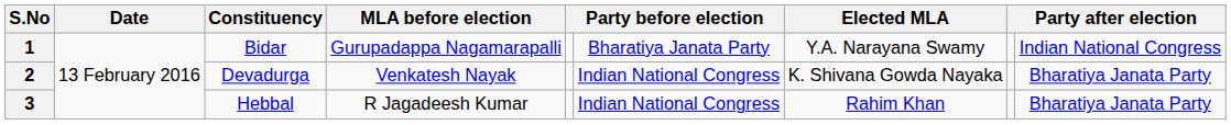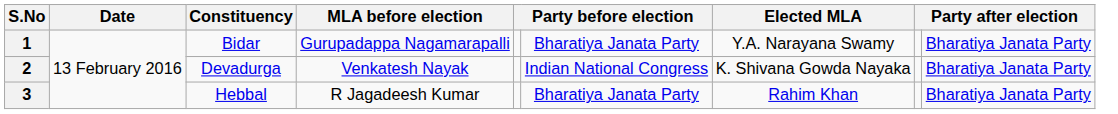 <table class="wikitable sortable" style="text-align:center;">
 <tr>
 <th>S.No</th>
 <th>Date</th>
 <th>Constituency</th>
 <th>MLA before election</th>
 <th colspan="2">Party before election</th>
 <th>Elected MLA</th>
 <th colspan="2">Party after election</th>
 </tr>
 <tr>
 <th>1</th>
 <td rowspan="3">13 February 2016</td>
 <td><a href='#'>Bidar</a></td>
 <td><a href='#'>Gurupadappa Nagamarapalli</a></td>
 <td></td>
 <td><a href='#'>Bharatiya Janata Party</a></td>
 <td>Y.A. Narayana Swamy</td>
 <td></td>
-<td><a href='#'>Indian National Congress</a></td>
+<td><a href='#'>Bharatiya Janata Party</a></td>
 </tr>
 <tr>
 <th>2</th>
 <td><a href='#'>Devadurga</a></td>
 <td><a href='#'>Venkatesh Nayak</a></td>
 <td></td>
 <td><a href='#'>Indian National Congress</a></td>
 <td>K. Shivana Gowda Nayaka</td>
 <td></td>
 <td><a href='#'>Bharatiya Janata Party</a></td>
 </tr>
 <tr>
 <th>3</th>
 <td><a href='#'>Hebbal</a></td>
 <td>R Jagadeesh Kumar</td>
 <td></td>
-<td><a href='#'>Indian National Congress</a></td>
+<td><a href='#'>Bharatiya Janata Party</a></td>
 <td><a href='#'>Rahim Khan</a></td>
 <td></td>
 <td><a href='#'>Bharatiya Janata Party</a></td>
 </tr>
 </table>
